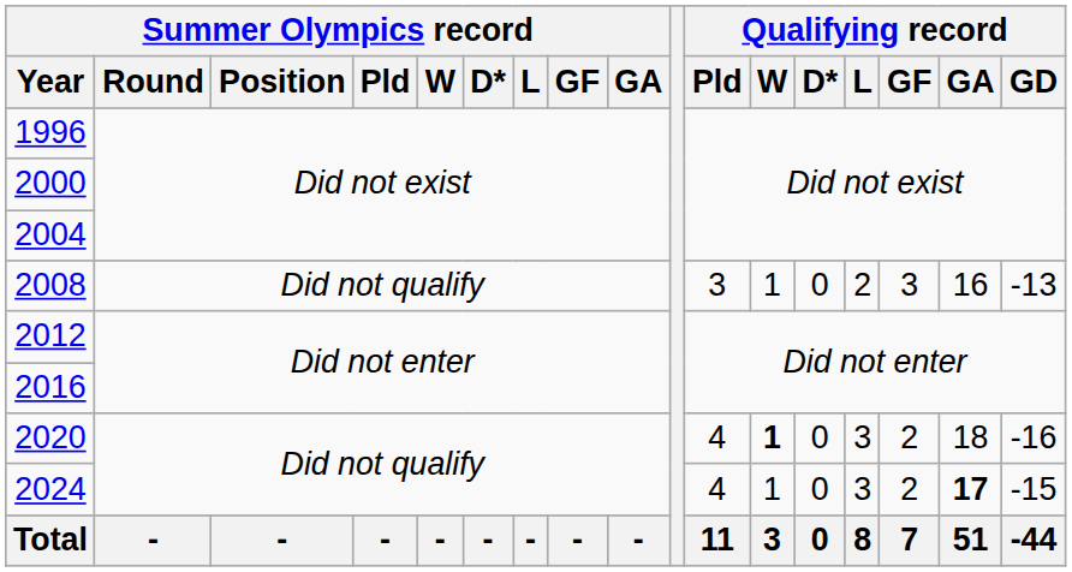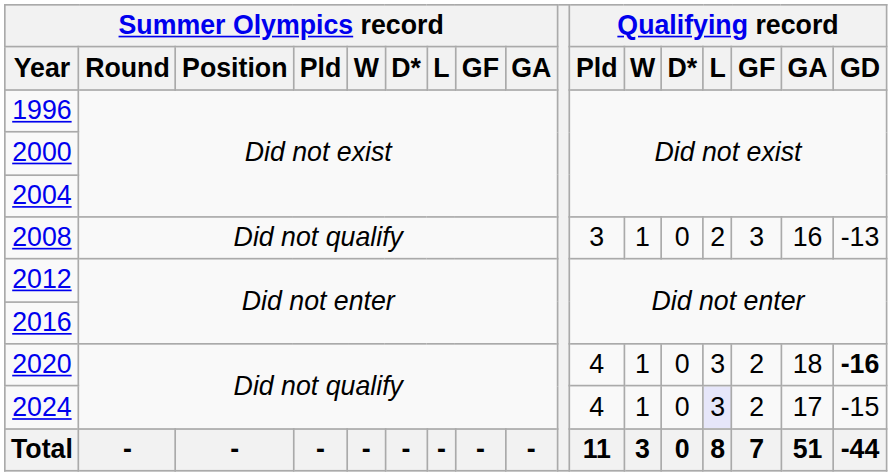 <table class="wikitable" style="text-align: center;">
 <tr>
 <th colspan=9><a href='#'>Summer Olympics</a> record</th>
 <th rowspan=12></th>
 <th colspan=7><a href='#'>Qualifying</a> record</th>
 </tr>
 <tr>
 <th>Year</th>
 <th>Round</th>
 <th>Position</th>
 <th>Pld</th>
 <th>W</th>
 <th>D*</th>
 <th>L</th>
 <th>GF</th>
 <th>GA</th>
 <th>Pld</th>
 <th>W</th>
 <th>D*</th>
 <th>L</th>
 <th>GF</th>
 <th>GA</th>
 <th>GD</th>
 </tr>
 <tr>
 <td> <a href='#'>1996</a></td>
 <td colspan=8 rowspan=3><em>Did not exist</em></td>
 <td colspan=7 rowspan=3><em>Did not exist</em></td>
 </tr>
 <tr>
 <td> <a href='#'>2000</a></td>
 </tr>
 <tr>
 <td> <a href='#'>2004</a></td>
 </tr>
 <tr>
 <td> <a href='#'>2008</a></td>
 <td colspan=8><em>Did not qualify</em></td>
 <td>3</td>
 <td>1</td>
 <td>0</td>
 <td>2</td>
 <td>3</td>
 <td>16</td>
 <td>-13</td>
 </tr>
 <tr>
 <td> <a href='#'>2012</a></td>
 <td colspan=8 rowspan=2><em>Did not enter</em></td>
 <td colspan=7 rowspan=2><em>Did not enter</em></td>
 </tr>
 <tr>
 <td> <a href='#'>2016</a></td>
 </tr>
 <tr>
 <td> <a href='#'>2020</a></td>
 <td colspan=8 rowspan=2><em>Did not qualify</em></td>
 <td>4</td>
-<td><strong>1</strong></td>
+<td>1</td>
 <td>0</td>
 <td>3</td>
 <td>2</td>
 <td>18</td>
-<td>-16</td>
+<td><strong>-16</strong></td>
 </tr>
 <tr>
 <td> <a href='#'>2024</a></td>
 <td>4</td>
 <td>1</td>
 <td>0</td>
-<td>3</td>
+<td style="background: lavender;">3</td>
 <td>2</td>
-<td><strong>17</strong></td>
+<td>17</td>
 <td>-15</td>
 </tr>
 <tr>
 <th>Total</th>
 <th>-</th>
 <th>-</th>
 <th>-</th>
 <th>-</th>
 <th>-</th>
 <th>-</th>
 <th>-</th>
 <th>-</th>
 <th>11</th>
 <th>3</th>
 <th>0</th>
 <th>8</th>
 <th>7</th>
 <th>51</th>
 <th>-44</th>
 </tr>
 </table>
